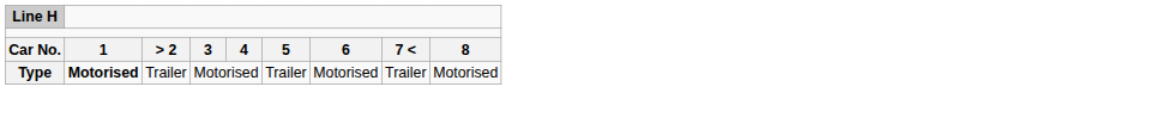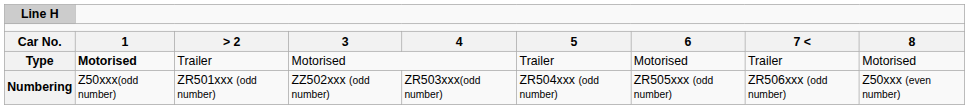 <table class="wikitable">
 <tr>
 <th style="background-color:#ccc;">Line H</th>
 <td colspan="8"></td>
 </tr>
 <tr style="line-height: 9px; background-color:#">
 <td colspan="9" style="padding:0; border:0;"> </td>
 </tr>
 <tr>
 <th>Car No.</th>
 <th>1</th>
 <th>> 2</th>
 <th>3</th>
 <th>4</th>
 <th>5</th>
 <th>6</th>
 <th>7 <</th>
 <th>8</th>
 </tr>
 <tr>
 <th>Type</th>
 <td><strong>Motorised</strong></td>
 <td>Trailer</td>
 <td colspan="2">Motorised</td>
 <td>Trailer</td>
 <td>Motorised</td>
 <td>Trailer</td>
 <td>Motorised</td>
 </tr>
+<tr>
+<th>Numbering</th>
+<td>Z50xxx<small>(odd number)</small></td>
+<td>ZR501xxx <small>(odd number)</small></td>
+<td>ZZ502xxx <small>(odd number)</small></td>
+<td>ZR503xxx<small>(odd number)</small></td>
+<td>ZR504xxx <small>(odd number)</small></td>
+<td>ZR505xxx <small>(odd number)</small></td>
+<td>ZR506xxx <small>(odd number)</small></td>
+<td>Z50xxx <small>(even number)</small></td>
+</tr>
 </table>
